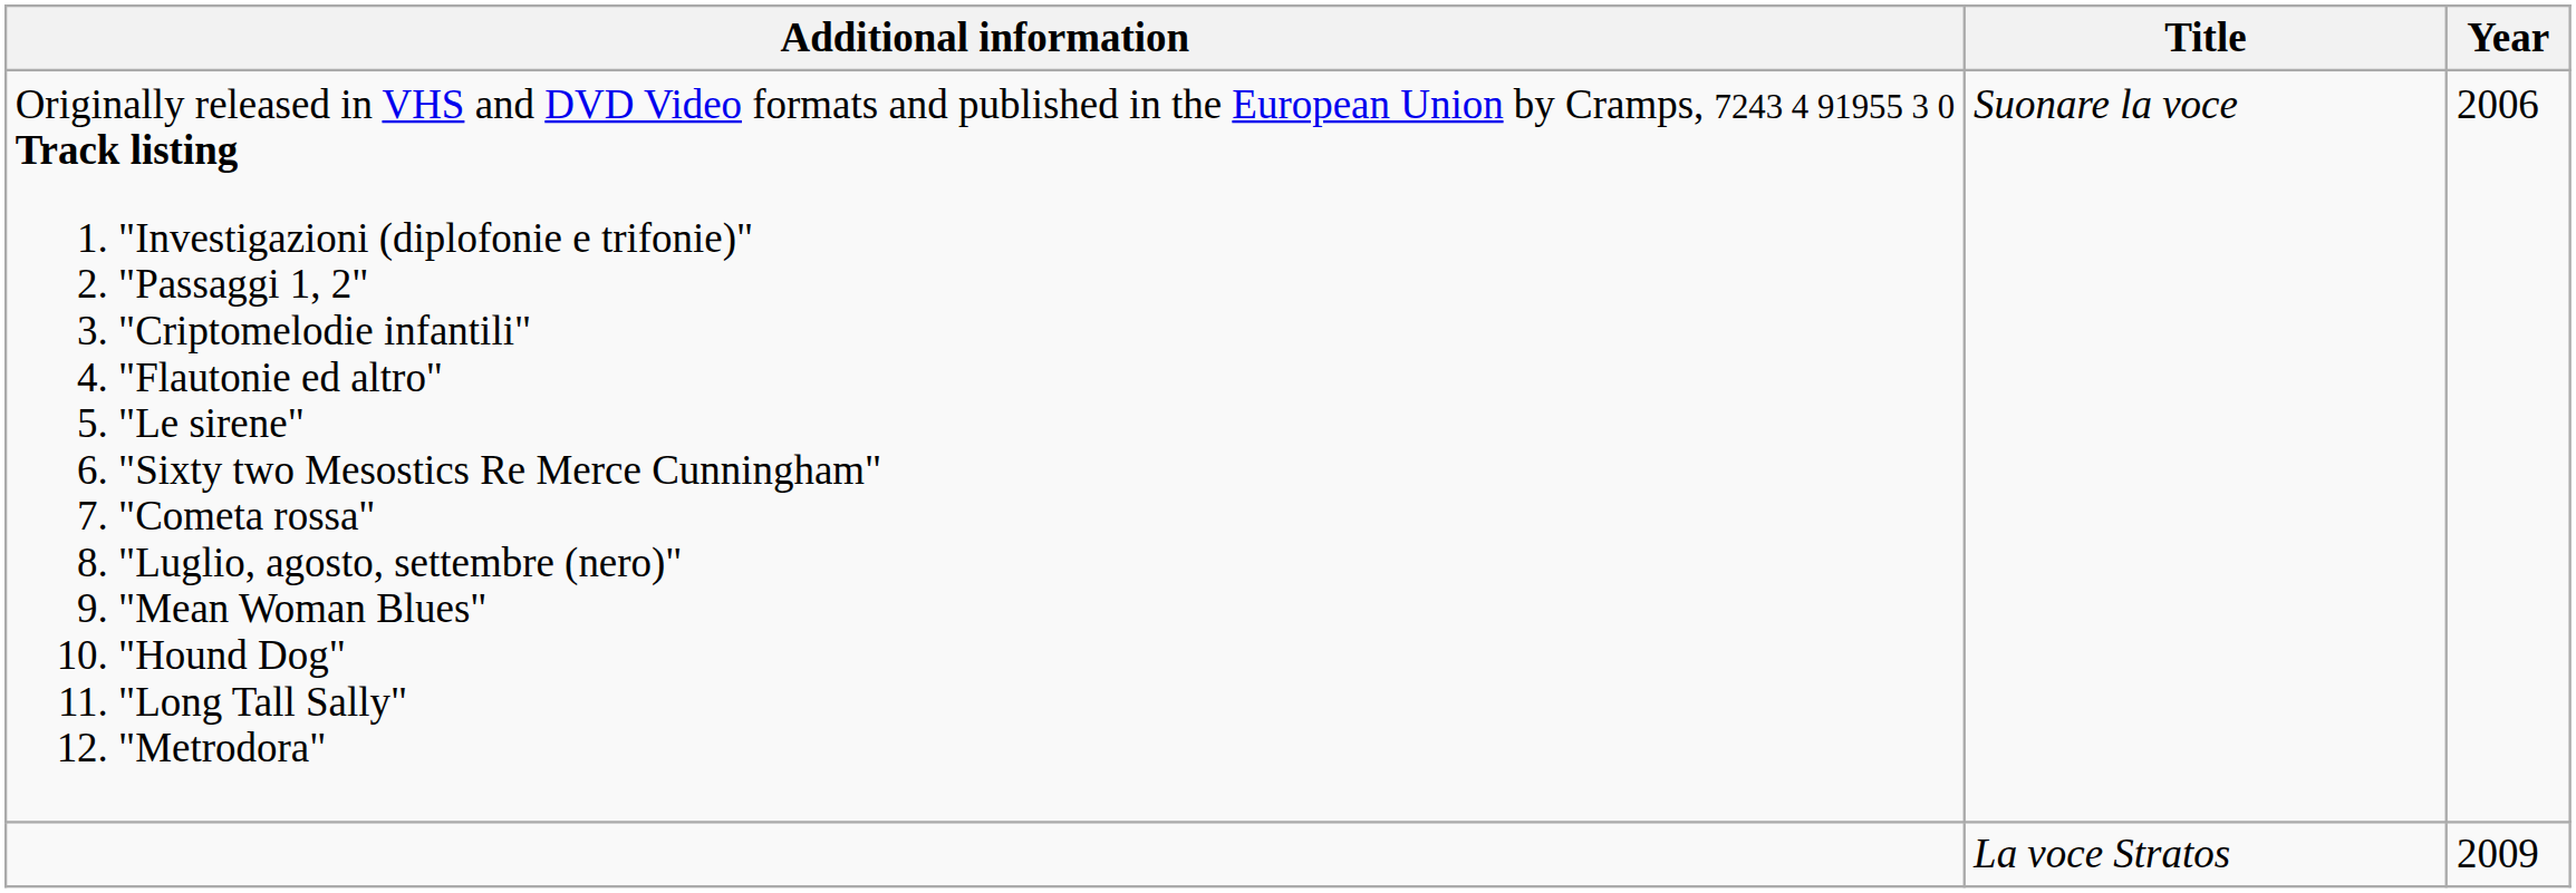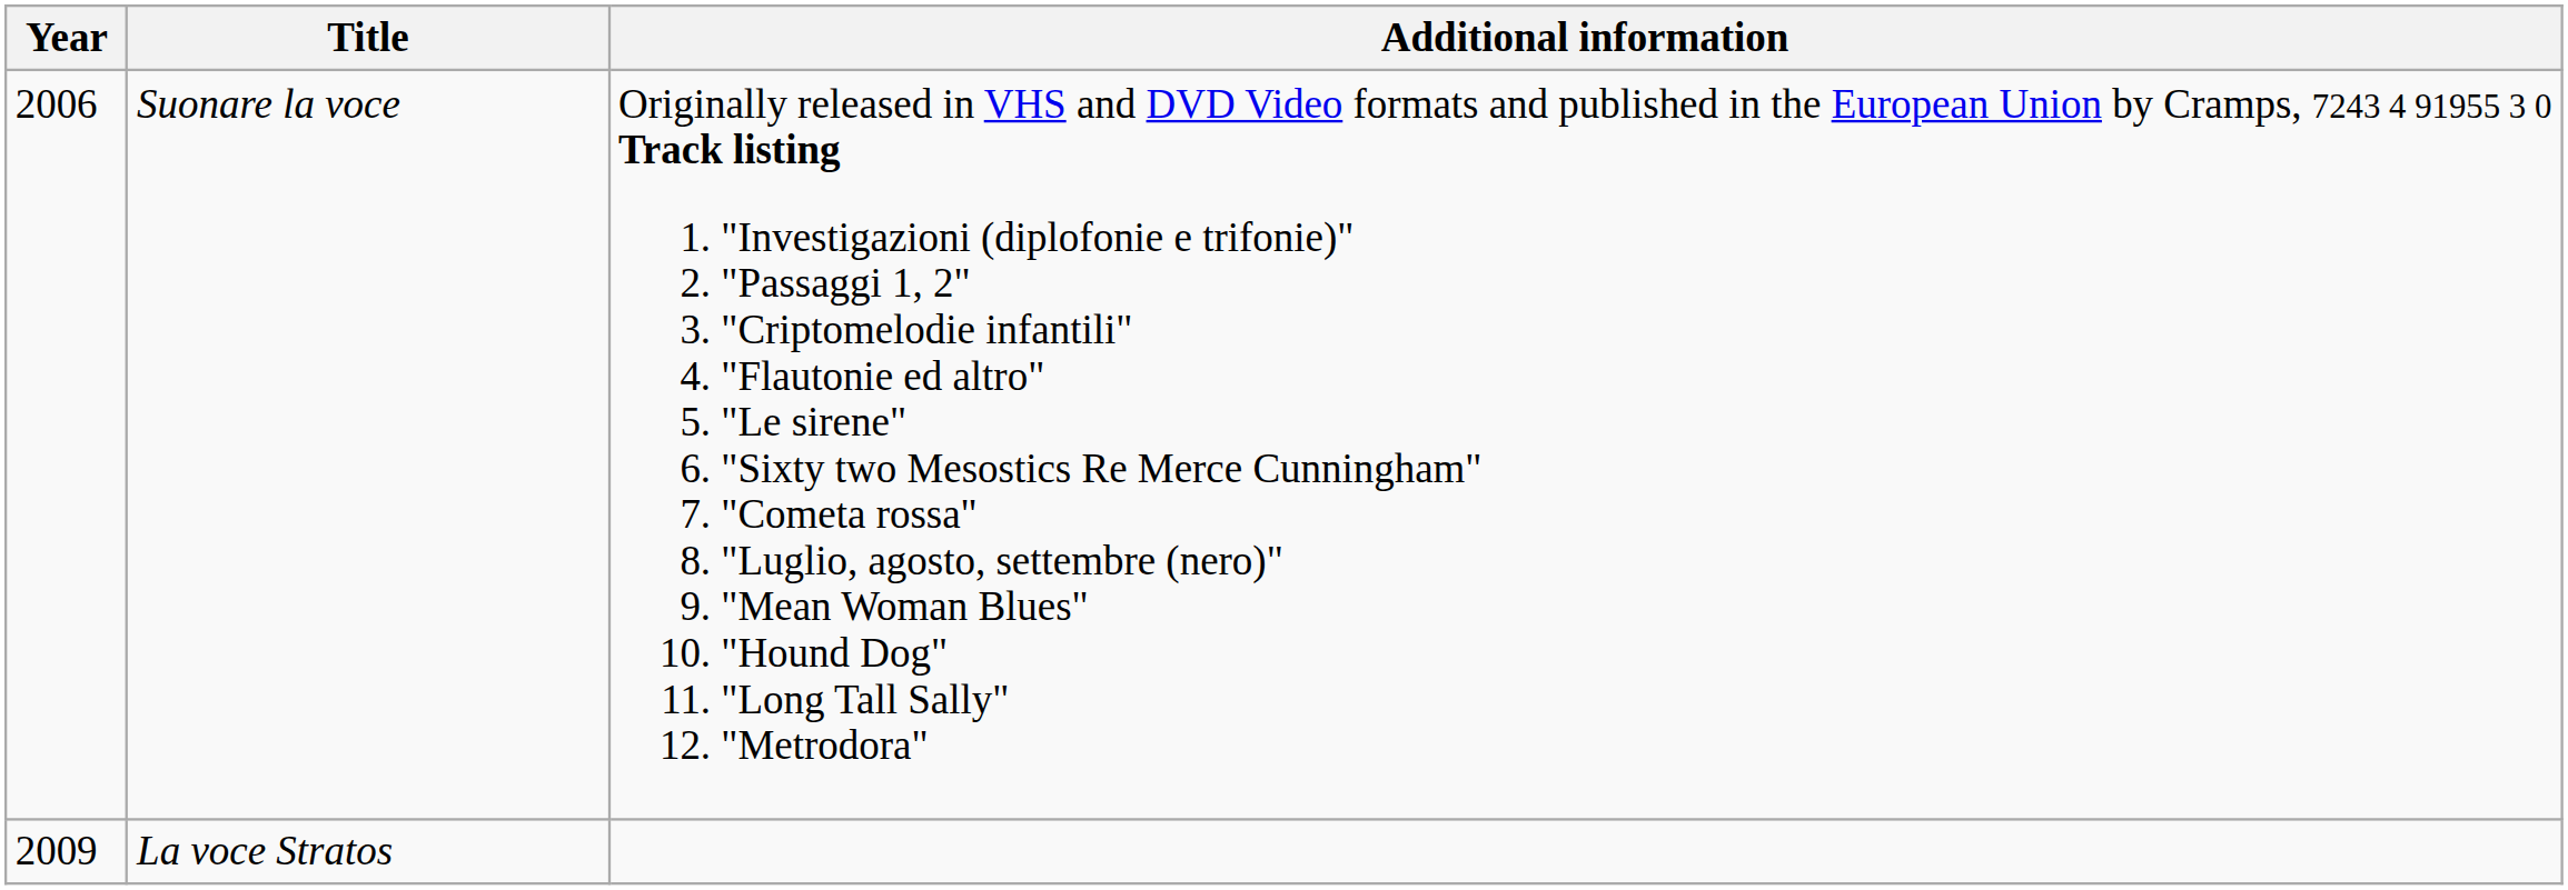 <table class="wikitable">
 <tr>
+<th align="left" valign="top" width="40">Year</th>
+<th align="left" valign="top" width="180">Title</th>
 <th align="left" valign="top">Additional information</th>
-<th align="left" valign="top" width="180">Title</th>
-<th align="left" valign="top" width="40">Year</th>
 </tr>
 <tr>
+<td align="left" valign="top">2006</td>
+<td align="left" valign="top"><em>Suonare la voce</em></td>
 <td align="left" valign="top">Originally released in <a href='#'>VHS</a> and <a href='#'>DVD Video</a> formats and published in the <a href='#'>European Union</a> by Cramps, <small>7243 4 91955 3 0</small><br><strong>Track listing</strong><ol><li>"Investigazioni (diplofonie e trifonie)"</li><li>"Passaggi 1, 2"</li><li>"Criptomelodie infantili"</li><li>"Flautonie ed altro"</li><li>"Le sirene"</li><li>"Sixty two Mesostics Re Merce Cunningham"</li><li>"Cometa rossa"</li><li>"Luglio, agosto, settembre (nero)"</li><li>"Mean Woman Blues"</li><li>"Hound Dog"</li><li>"Long Tall Sally"</li><li>"Metrodora"</li></ol></td>
-<td align="left" valign="top"><em>Suonare la voce</em></td>
-<td align="left" valign="top">2006</td>
 </tr>
 <tr>
+<td align="left" valign="top">2009</td>
+<td align="left" valign="top"><em>La voce Stratos</em></td>
 <td></td>
-<td align="left" valign="top"><em>La voce Stratos</em></td>
-<td align="left" valign="top">2009</td>
 </tr>
 </table>
